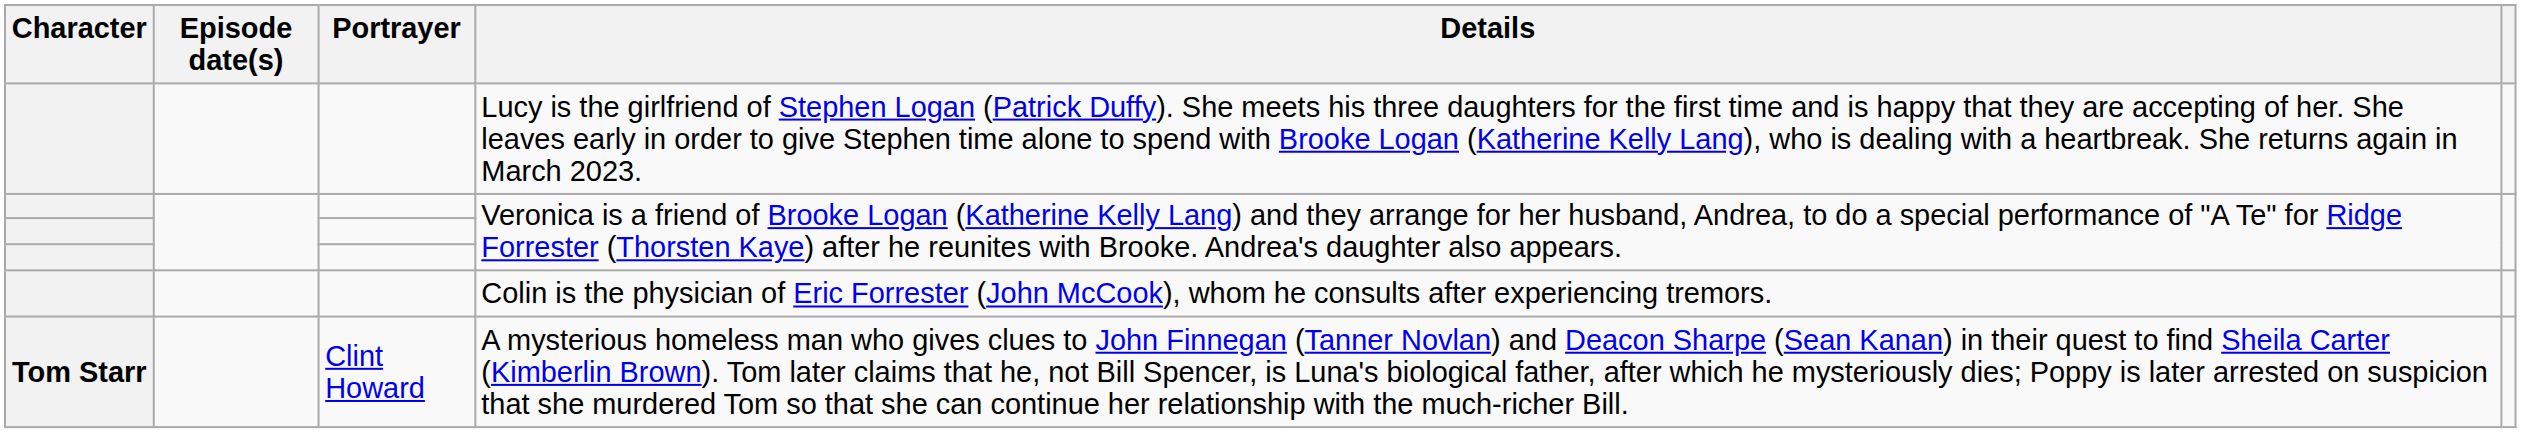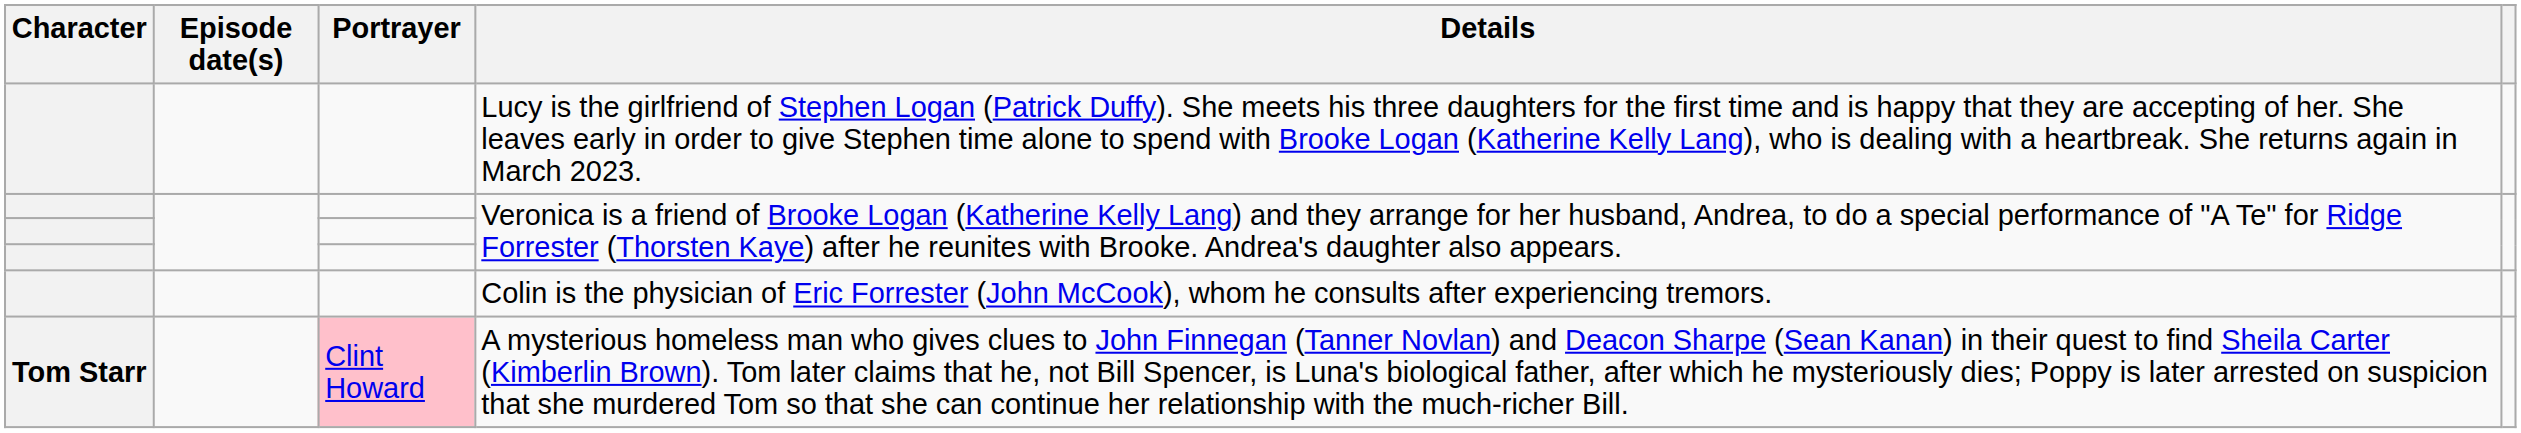 <table class="wikitable plainrowheaders" style="font-size:90%">
 <tr valign="top">
 <th scope="col">Character</th>
 <th scope="col">Episode date(s)</th>
 <th scope="col">Portrayer</th>
 <th scope="col">Details</th>
 <th scope="col"></th>
 </tr>
 <tr>
 <th scope="row"></th>
 <td></td>
 <td></td>
 <td>Lucy is the girlfriend of <a href='#'>Stephen Logan</a> (<a href='#'>Patrick Duffy</a>). She meets his three daughters for the first time and is happy that they are accepting of her. She leaves early in order to give Stephen time alone to spend with <a href='#'>Brooke Logan</a> (<a href='#'>Katherine Kelly Lang</a>), who is dealing with a heartbreak. She returns again in March 2023.</td>
 <td style="text-align:center;"> </td>
 </tr>
 <tr>
 <th scope="row"></th>
 <td rowspan="3"></td>
 <td></td>
 <td rowspan="3">Veronica is a friend of <a href='#'>Brooke Logan</a> (<a href='#'>Katherine Kelly Lang</a>) and they arrange for her husband, Andrea, to do a special performance of "A Te" for <a href='#'>Ridge Forrester</a> (<a href='#'>Thorsten Kaye</a>) after he reunites with Brooke. Andrea's daughter also appears.</td>
 <td rowspan="3" style="text-align:center;"></td>
 </tr>
 <tr>
 <th scope="row"></th>
 <td></td>
 </tr>
 <tr>
 <th scope="row"></th>
 <td></td>
 </tr>
 <tr>
 <th scope="row"></th>
 <td></td>
 <td></td>
 <td>Colin is the physician of <a href='#'>Eric Forrester</a> (<a href='#'>John McCook</a>), whom he consults after experiencing tremors.</td>
 <td style="text-align:center;"></td>
 </tr>
 <tr>
 <th scope="row">Tom Starr</th>
 <td></td>
-<td><a href='#'>Clint Howard</a></td>
+<td style="background: pink;"><a href='#'>Clint Howard</a></td>
 <td>A mysterious homeless man who gives clues to <a href='#'>John Finnegan</a> (<a href='#'>Tanner Novlan</a>) and <a href='#'>Deacon Sharpe</a> (<a href='#'>Sean Kanan</a>) in their quest to find <a href='#'>Sheila Carter</a> (<a href='#'>Kimberlin Brown</a>). Tom later claims that he, not Bill Spencer, is Luna's biological father, after which he mysteriously dies; Poppy is later arrested on suspicion that she murdered Tom so that she can continue her relationship with the much-richer Bill.</td>
 <td style="text-align:center;"></td>
 </tr>
 </table>
